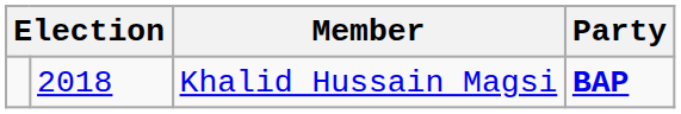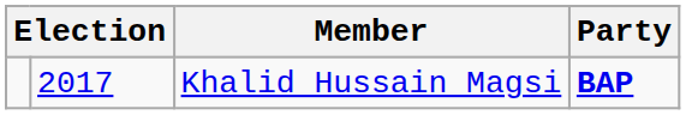 <table class="wikitable">
 <tr>
 <th colspan="2">Election</th>
 <th>Member</th>
 <th>Party</th>
 </tr>
 <tr>
 <td style="background-color: "></td>
-<td><a href='#'>2018</a></td>
+<td><a href='#'>2017</a></td>
 <td><a href='#'>Khalid Hussain Magsi</a></td>
 <td><strong><a href='#'>BAP</a></strong></td>
 </tr>
 </table>
